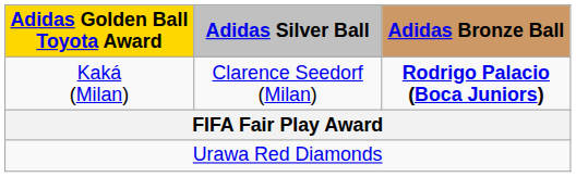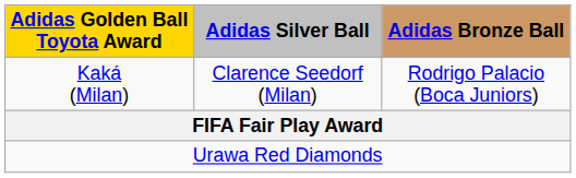 <table class="wikitable" style="text-align:center">
 <tr>
 <th style="background:gold; width:33%"><a href='#'>Adidas</a> Golden Ball<br><a href='#'>Toyota</a> Award</th>
 <th style="background:silver; width:33%"><a href='#'>Adidas</a> Silver Ball</th>
 <th style="background:#CC9966; width:33%"><a href='#'>Adidas</a> Bronze Ball</th>
 </tr>
 <tr>
 <td> <a href='#'>Kaká</a><br>(<a href='#'>Milan</a>)</td>
 <td> <a href='#'>Clarence Seedorf</a><br>(<a href='#'>Milan</a>)</td>
-<td><strong> <a href='#'>Rodrigo Palacio</a><br>(<a href='#'>Boca Juniors</a>)</strong></td>
+<td> <a href='#'>Rodrigo Palacio</a><br>(<a href='#'>Boca Juniors</a>)</td>
 </tr>
 <tr>
 <th colspan="3">FIFA Fair Play Award</th>
 </tr>
 <tr>
 <td colspan="3"> <a href='#'>Urawa Red Diamonds</a></td>
 </tr>
 </table>
